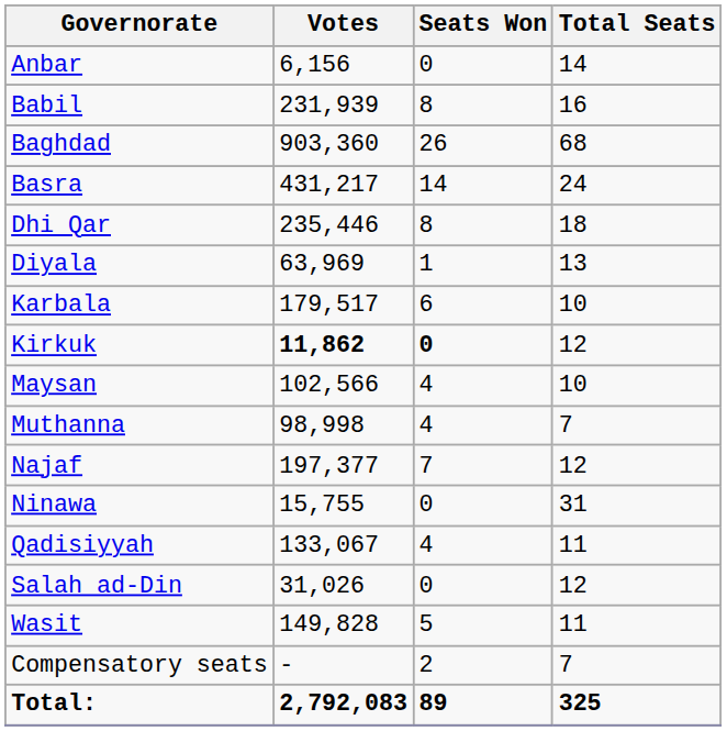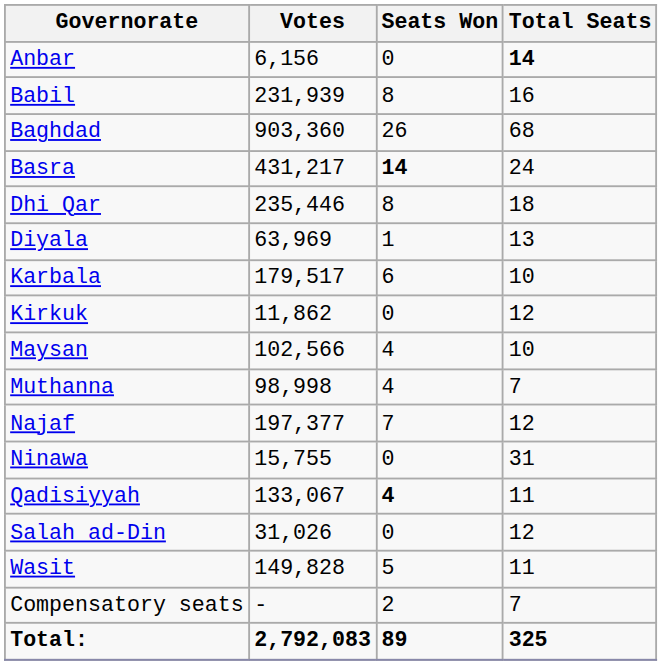 <table class=wikitable style="border:1px solid #8888aa; background-color:#f8f8f8; padding:0px; font-size:90%;">
 <tr>
 <th>Governorate</th>
 <th>Votes</th>
 <th>Seats Won</th>
 <th>Total Seats</th>
 </tr>
 <tr>
 <td><a href='#'>Anbar</a></td>
 <td>6,156</td>
 <td>0</td>
-<td>14</td>
+<td><strong>14</strong></td>
 </tr>
 <tr>
 <td><a href='#'>Babil</a></td>
 <td>231,939</td>
 <td>8</td>
 <td>16</td>
 </tr>
 <tr>
 <td><a href='#'>Baghdad</a></td>
 <td>903,360</td>
 <td>26</td>
 <td>68</td>
 </tr>
 <tr>
 <td><a href='#'>Basra</a></td>
 <td>431,217</td>
-<td>14</td>
+<td><strong>14</strong></td>
 <td>24</td>
 </tr>
 <tr>
 <td><a href='#'>Dhi Qar</a></td>
 <td>235,446</td>
 <td>8</td>
 <td>18</td>
 </tr>
 <tr>
 <td><a href='#'>Diyala</a></td>
 <td>63,969</td>
 <td>1</td>
 <td>13</td>
 </tr>
 <tr>
 <td><a href='#'>Karbala</a></td>
 <td>179,517</td>
 <td>6</td>
 <td>10</td>
 </tr>
 <tr>
 <td><a href='#'>Kirkuk</a></td>
-<td><strong>11,862</strong></td>
-<td><strong>0</strong></td>
+<td>11,862</td>
+<td>0</td>
 <td>12</td>
 </tr>
 <tr>
 <td><a href='#'>Maysan</a></td>
 <td>102,566</td>
 <td>4</td>
 <td>10</td>
 </tr>
 <tr>
 <td><a href='#'>Muthanna</a></td>
 <td>98,998</td>
 <td>4</td>
 <td>7</td>
 </tr>
 <tr>
 <td><a href='#'>Najaf</a></td>
 <td>197,377</td>
 <td>7</td>
 <td>12</td>
 </tr>
 <tr>
 <td><a href='#'>Ninawa</a></td>
 <td>15,755</td>
 <td>0</td>
 <td>31</td>
 </tr>
 <tr>
 <td><a href='#'>Qadisiyyah</a></td>
 <td>133,067</td>
-<td>4</td>
+<td><strong>4</strong></td>
 <td>11</td>
 </tr>
 <tr>
 <td><a href='#'>Salah ad-Din</a></td>
 <td>31,026</td>
 <td>0</td>
 <td>12</td>
 </tr>
 <tr>
 <td><a href='#'>Wasit</a></td>
 <td>149,828</td>
 <td>5</td>
 <td>11</td>
 </tr>
 <tr>
 <td>Compensatory seats</td>
 <td>-</td>
 <td>2</td>
 <td>7</td>
 </tr>
 <tr>
 <td><strong>Total:</strong></td>
 <td><strong>2,792,083</strong></td>
 <td><strong>89</strong></td>
 <td><strong>325</strong></td>
 </tr>
 <tr>
 </tr>
 </table>
